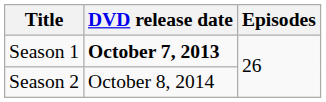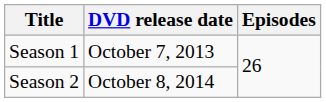 <table class="wikitable">
 <tr>
 <th>Title</th>
 <th><a href='#'>DVD</a> release date</th>
 <th>Episodes</th>
 </tr>
 <tr>
 <td>Season 1</td>
-<td><strong>October 7, 2013</strong></td>
+<td>October 7, 2013</td>
 <td rowspan="2">26</td>
 </tr>
 <tr>
 <td>Season 2</td>
 <td>October 8, 2014</td>
 </tr>
 </table>
